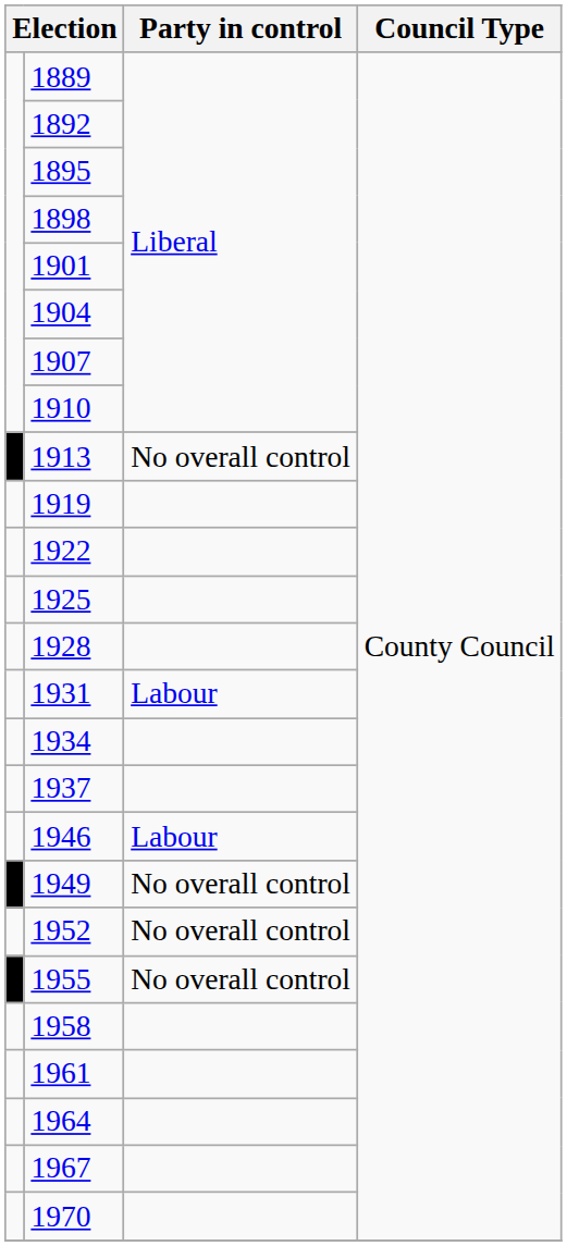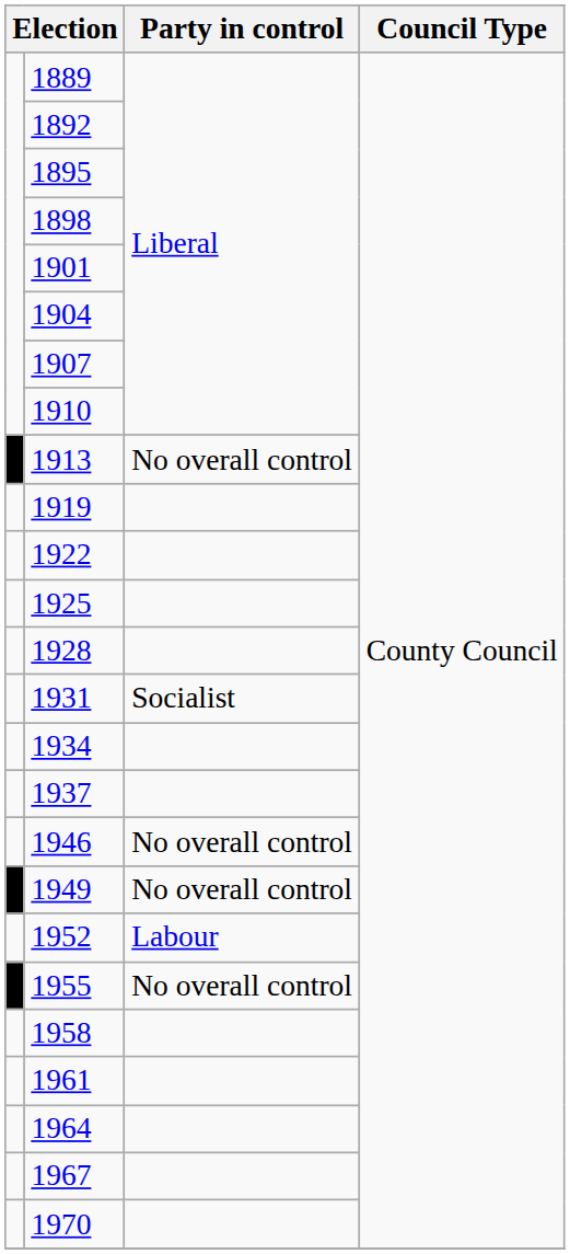 <table class="wikitable">
 <tr>
 <th colspan="2">Election</th>
 <th>Party in control</th>
 <th>Council Type</th>
 </tr>
 <tr>
 <td rowspan="8" style="background-color: "></td>
 <td><a href='#'>1889</a></td>
 <td rowspan="8"><a href='#'>Liberal</a></td>
 <td rowspan="25">County Council</td>
 </tr>
 <tr>
 <td><a href='#'>1892</a></td>
 </tr>
 <tr>
 <td><a href='#'>1895</a></td>
 </tr>
 <tr>
 <td><a href='#'>1898</a></td>
 </tr>
 <tr>
 <td><a href='#'>1901</a></td>
 </tr>
 <tr>
 <td><a href='#'>1904</a></td>
 </tr>
 <tr>
 <td><a href='#'>1907</a></td>
 </tr>
 <tr>
 <td><a href='#'>1910</a></td>
 </tr>
 <tr>
 <td style="background-color: #000000"></td>
 <td><a href='#'>1913</a></td>
 <td rowspan="1">No overall control</td>
 </tr>
 <tr>
 <td></td>
 <td><a href='#'>1919</a></td>
 <td></td>
 </tr>
 <tr>
 <td></td>
 <td><a href='#'>1922</a></td>
 <td></td>
 </tr>
 <tr>
 <td></td>
 <td><a href='#'>1925</a></td>
 <td></td>
 </tr>
 <tr>
 <td></td>
 <td><a href='#'>1928</a></td>
 <td></td>
 </tr>
 <tr>
 <td></td>
 <td><a href='#'>1931</a></td>
-<td><a href='#'>Labour</a></td>
+<td>Socialist</td>
 </tr>
 <tr>
 <td></td>
 <td><a href='#'>1934</a></td>
 <td></td>
 </tr>
 <tr>
 <td></td>
 <td><a href='#'>1937</a></td>
 <td></td>
 </tr>
 <tr>
 <td style="background-color: "></td>
 <td><a href='#'>1946</a></td>
-<td><a href='#'>Labour</a></td>
+<td rowspan="1">No overall control</td>
 </tr>
 <tr>
 <td style="background-color: #000000"></td>
 <td><a href='#'>1949</a></td>
 <td rowspan="1">No overall control</td>
 </tr>
 <tr>
 <td style="background-color: "></td>
 <td><a href='#'>1952</a></td>
-<td rowspan="1">No overall control</td>
+<td><a href='#'>Labour</a></td>
 </tr>
 <tr>
 <td style="background-color: #000000"></td>
 <td><a href='#'>1955</a></td>
 <td rowspan="1">No overall control</td>
 </tr>
 <tr>
 <td></td>
 <td><a href='#'>1958</a></td>
 <td></td>
 </tr>
 <tr>
 <td></td>
 <td><a href='#'>1961</a></td>
 <td></td>
 </tr>
 <tr>
 <td></td>
 <td><a href='#'>1964</a></td>
 <td></td>
 </tr>
 <tr>
 <td></td>
 <td><a href='#'>1967</a></td>
 <td></td>
 </tr>
 <tr>
 <td></td>
 <td><a href='#'>1970</a></td>
 <td></td>
 </tr>
 <tr>
 </tr>
 </table>
